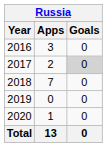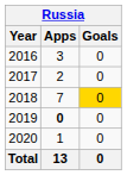 <table class="wikitable" style="text-align:center">
 <tr>
 <th colspan=5><a href='#'>Russia</a></th>
 </tr>
 <tr>
 <th>Year</th>
 <th>Apps</th>
 <th>Goals</th>
 </tr>
 <tr>
 <td>2016</td>
 <td>3</td>
 <td>0</td>
 </tr>
 <tr>
 <td>2017</td>
 <td>2</td>
-<td style="background: lightgrey;">0</td>
+<td>0</td>
 </tr>
 <tr>
 <td>2018</td>
 <td>7</td>
-<td>0</td>
+<td style="background: gold;">0</td>
 </tr>
 <tr>
 <td>2019</td>
-<td>0</td>
+<td><strong>0</strong></td>
 <td>0</td>
 </tr>
 <tr>
 <td>2020</td>
 <td>1</td>
 <td>0</td>
 </tr>
 <tr>
 <th>Total</th>
 <th>13</th>
 <th>0</th>
 </tr>
 </table>
